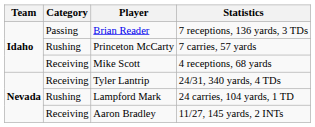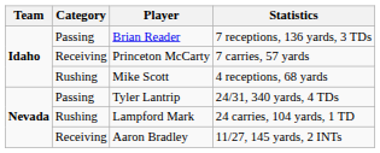 <table class="wikitable" style="float: left;">
 <tr>
 <th>Team</th>
 <th>Category</th>
 <th>Player</th>
 <th>Statistics</th>
 </tr>
 <tr>
 <td rowspan=3><strong>Idaho</strong></td>
 <td>Passing</td>
 <td><a href='#'>Brian Reader</a></td>
 <td>7 receptions, 136 yards, 3 TDs</td>
 </tr>
 <tr>
-<td>Rushing</td>
+<td>Receiving</td>
 <td>Princeton McCarty</td>
 <td>7 carries, 57 yards</td>
 </tr>
 <tr>
-<td>Receiving</td>
+<td>Rushing</td>
 <td>Mike Scott</td>
 <td>4 receptions, 68 yards</td>
 </tr>
 <tr>
 <td rowspan=3><strong>Nevada</strong></td>
-<td>Receiving</td>
+<td>Passing</td>
 <td>Tyler Lantrip</td>
 <td>24/31, 340 yards, 4 TDs</td>
 </tr>
 <tr>
 <td>Rushing</td>
 <td>Lampford Mark</td>
 <td>24 carries, 104 yards, 1 TD</td>
 </tr>
 <tr>
 <td>Receiving</td>
 <td>Aaron Bradley</td>
 <td>11/27, 145 yards, 2 INTs</td>
 </tr>
 </table>
